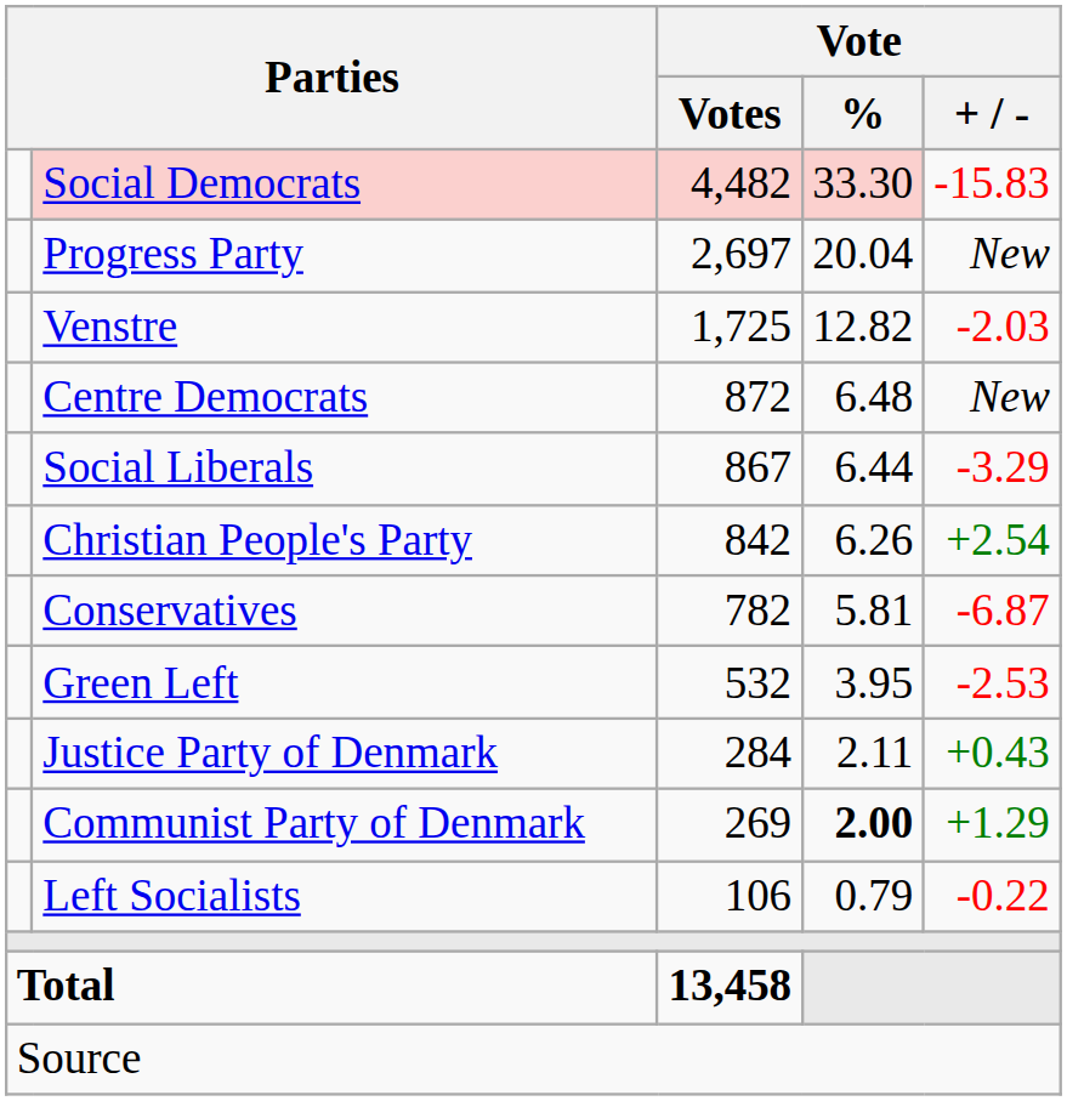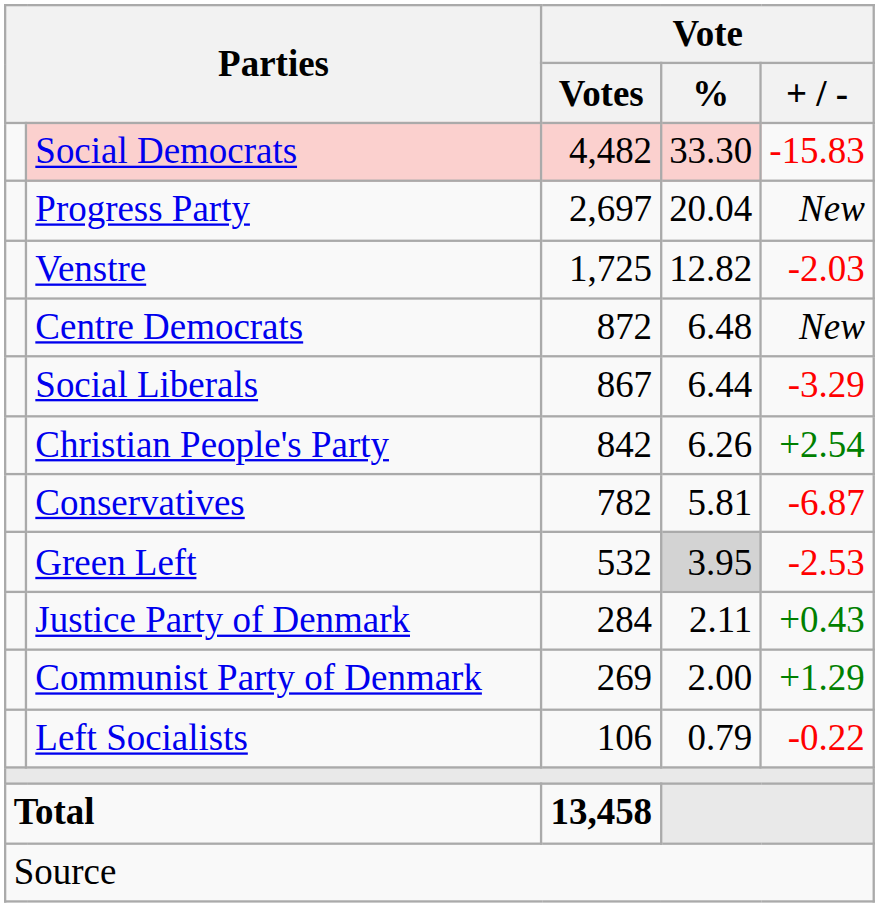 <table class="wikitable" style="text-align:right;">
 <tr>
 <th style="text-align:centre;" rowspan="2" colspan="2" width="225">Parties</th>
 <th colspan="3">Vote</th>
 </tr>
 <tr>
 <th width="15">Votes</th>
 <th width="15">%</th>
 <th width="15">+ / -</th>
 </tr>
 <tr>
 <td width="2" style="color:inherit;background:"></td>
 <td bgcolor=#fbd0ce  align="left"><a href='#'>Social Democrats</a></td>
 <td bgcolor=#fbd0ce>4,482</td>
 <td bgcolor=#fbd0ce>33.30</td>
 <td style=color:red;>-15.83</td>
 </tr>
 <tr>
 <td width="2" style="color:inherit;background:"></td>
 <td align="left"><a href='#'>Progress Party</a></td>
 <td>2,697</td>
 <td>20.04</td>
 <td><em>New</em></td>
 </tr>
 <tr>
 <td width="2" style="color:inherit;background:"></td>
 <td align="left"><a href='#'>Venstre</a></td>
 <td>1,725</td>
 <td>12.82</td>
 <td style=color:red;>-2.03</td>
 </tr>
 <tr>
 <td width="2" style="color:inherit;background:"></td>
 <td align="left"><a href='#'>Centre Democrats</a></td>
 <td>872</td>
 <td>6.48</td>
 <td><em>New</em></td>
 </tr>
 <tr>
 <td width="2" style="color:inherit;background:"></td>
 <td align="left"><a href='#'>Social Liberals</a></td>
 <td>867</td>
 <td>6.44</td>
 <td style=color:red;>-3.29</td>
 </tr>
 <tr>
 <td width="2" style="color:inherit;background:"></td>
 <td align="left"><a href='#'>Christian People's Party</a></td>
 <td>842</td>
 <td>6.26</td>
 <td style=color:green;>+2.54</td>
 </tr>
 <tr>
 <td width="2" style="color:inherit;background:"></td>
 <td align="left"><a href='#'>Conservatives</a></td>
 <td>782</td>
 <td>5.81</td>
 <td style=color:red;>-6.87</td>
 </tr>
 <tr>
 <td width="2" style="color:inherit;background:"></td>
 <td align="left"><a href='#'>Green Left</a></td>
 <td>532</td>
-<td>3.95</td>
+<td style="background: lightgrey;">3.95</td>
 <td style=color:red;>-2.53</td>
 </tr>
 <tr>
 <td width="2" style="color:inherit;background:"></td>
 <td align="left"><a href='#'>Justice Party of Denmark</a></td>
 <td>284</td>
 <td>2.11</td>
 <td style=color:green;>+0.43</td>
 </tr>
 <tr>
 <td width="2" style="color:inherit;background:"></td>
 <td align="left"><a href='#'>Communist Party of Denmark</a></td>
 <td>269</td>
-<td><strong>2.00</strong></td>
+<td>2.00</td>
 <td style=color:green;>+1.29</td>
 </tr>
 <tr>
 <td width="2" style="color:inherit;background:"></td>
 <td align="left"><a href='#'>Left Socialists</a></td>
 <td>106</td>
 <td>0.79</td>
 <td style=color:red;>-0.22</td>
 </tr>
 <tr>
 <td colspan="7" bgcolor="#E9E9E9"></td>
 </tr>
 <tr>
 <td align="left" colspan="2"><strong>Total</strong></td>
 <td><strong>13,458</strong></td>
 <td bgcolor="#E9E9E9" colspan="2"></td>
 </tr>
 <tr>
 <td align="left" colspan="6">Source</td>
 </tr>
 </table>
